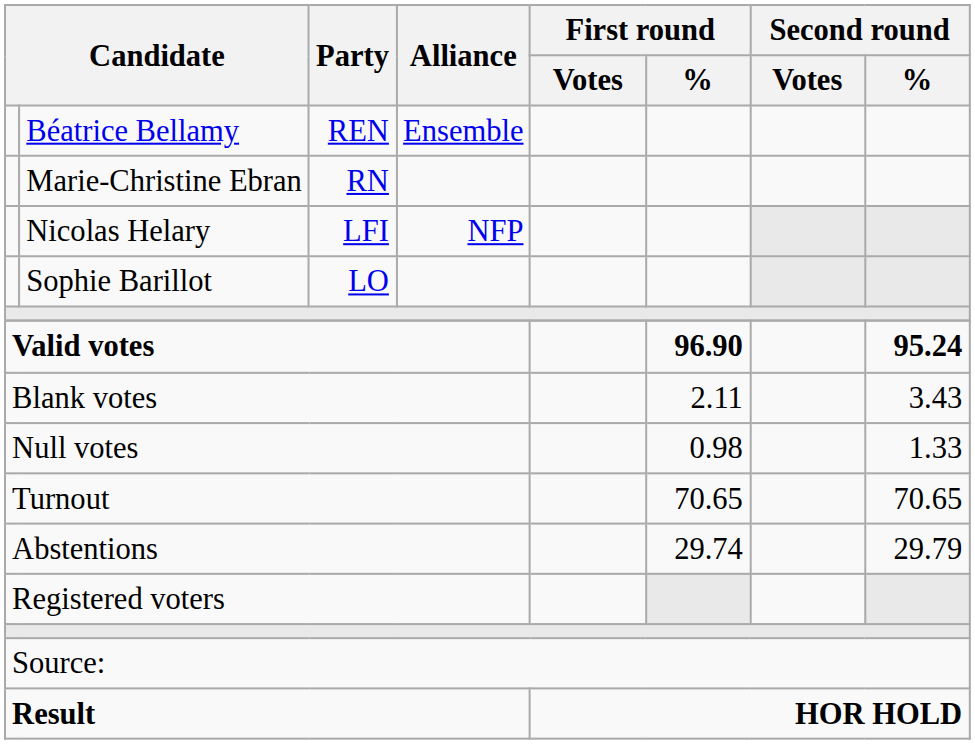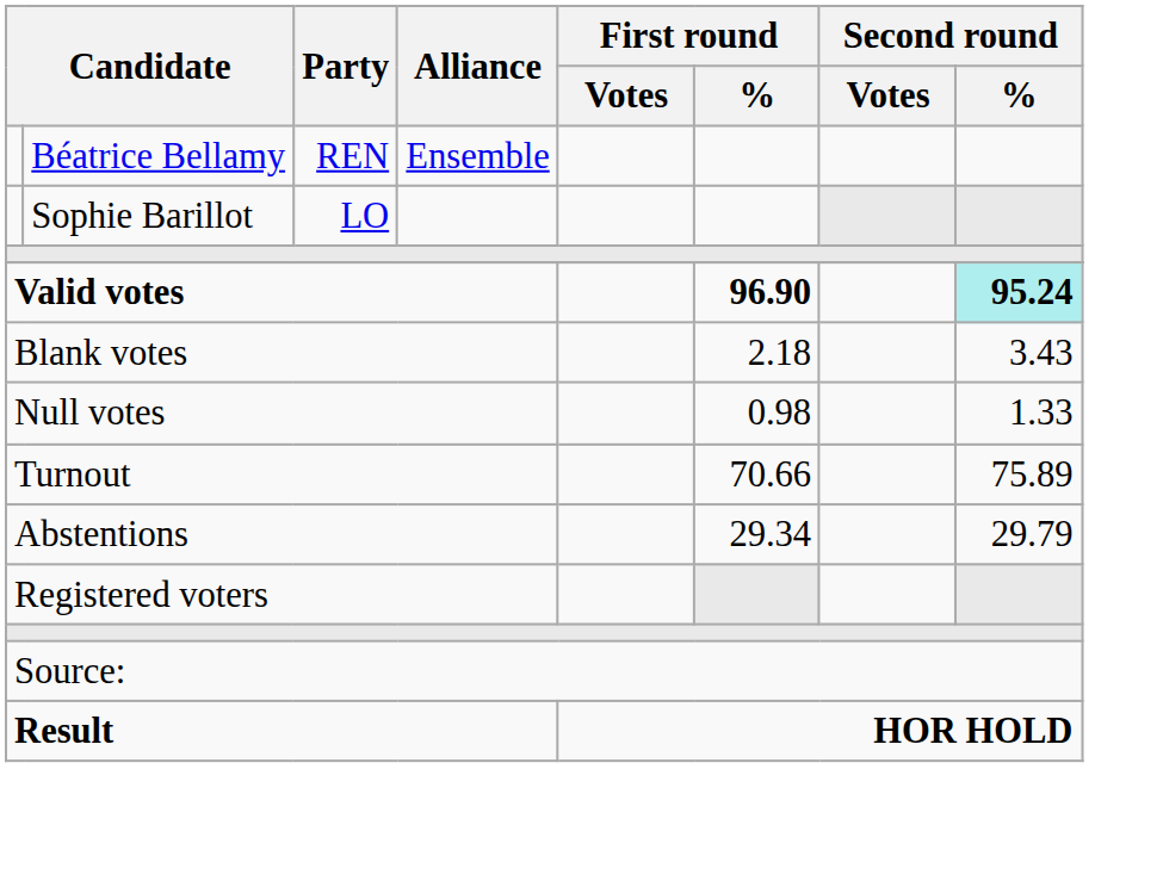 <table class="wikitable" style="text-align:right;font-size:95%;">
 <tr>
 <th colspan="2" rowspan="2">Candidate</th>
 <th colspan="1" rowspan="2">Party</th>
 <th colspan="1" rowspan="2">Alliance</th>
 <th colspan="2">First round</th>
 <th colspan="2">Second round</th>
 </tr>
 <tr>
 <th style="width:50px;">Votes</th>
 <th style="width:45px;">%</th>
 <th style="width:50px;">Votes</th>
 <th style="width:45px;">%</th>
 </tr>
 <tr>
 <td style="color:inherit;background:"></td>
 <td style="text-align:left;"><a href='#'>Béatrice Bellamy</a></td>
 <td><a href='#'>REN</a></td>
 <td><a href='#'>Ensemble</a></td>
 <td></td>
 <td></td>
 <td><strong></strong></td>
 <td><strong></strong></td>
 </tr>
 <tr>
 <td style="color:inherit;background:"></td>
-<td style="text-align:left;">Marie-Christine Ebran</td>
-<td><a href='#'>RN</a></td>
-<td></td>
-<td></td>
-<td></td>
-<td></td>
-<td></td>
-</tr>
-<tr>
-<td style="color:inherit;background:"></td>
-<td style="text-align:left;">Nicolas Helary</td>
-<td><a href='#'>LFI</a></td>
-<td><a href='#'>NFP</a></td>
-<td></td>
-<td></td>
-<td style="background:#E9E9E9;"></td>
-<td style="background:#E9E9E9;"></td>
-</tr>
-<tr>
-<td style="color:inherit;background:"></td>
 <td style="text-align:left;">Sophie Barillot</td>
 <td><a href='#'>LO</a></td>
 <td></td>
 <td></td>
 <td></td>
 <td style="background:#E9E9E9;"></td>
 <td style="background:#E9E9E9;"></td>
 </tr>
 <tr>
 <td colspan="8" style="background:#E9E9E9;"></td>
 </tr>
 <tr>
 </tr>
 <tr style="font-weight:bold;">
 <td colspan="4" style="text-align:left;">Valid votes</td>
 <td></td>
 <td>96.90</td>
 <td></td>
-<td>95.24</td>
+<td style="background: paleturquoise;">95.24</td>
 </tr>
 <tr>
 <td colspan="4" style="text-align:left;">Blank votes</td>
 <td></td>
-<td>2.11</td>
+<td>2.18</td>
 <td></td>
 <td>3.43</td>
 </tr>
 <tr>
 <td colspan="4" style="text-align:left;">Null votes</td>
 <td></td>
 <td>0.98</td>
 <td></td>
 <td>1.33</td>
 </tr>
 <tr>
 <td colspan="4" style="text-align:left;">Turnout</td>
 <td></td>
-<td>70.65</td>
+<td>70.66</td>
 <td></td>
-<td>70.65</td>
+<td>75.89</td>
 </tr>
 <tr>
 <td colspan="4" style="text-align:left;">Abstentions</td>
 <td></td>
-<td>29.74</td>
+<td>29.34</td>
 <td></td>
 <td>29.79</td>
 </tr>
 <tr>
 <td colspan="4" style="text-align:left;">Registered voters</td>
 <td></td>
 <td style="background:#E9E9E9;"></td>
 <td></td>
 <td style="background:#E9E9E9;"></td>
 </tr>
 <tr>
 <td colspan="8" style="background:#E9E9E9;"></td>
 </tr>
 <tr>
 <td colspan="8" style="text-align:left;">Source: </td>
 </tr>
 <tr style="font-weight:bold">
 <td colspan="4" style="text-align:left;">Result</td>
 <td colspan="4" style="background-color:">HOR HOLD</td>
 </tr>
 </table>
